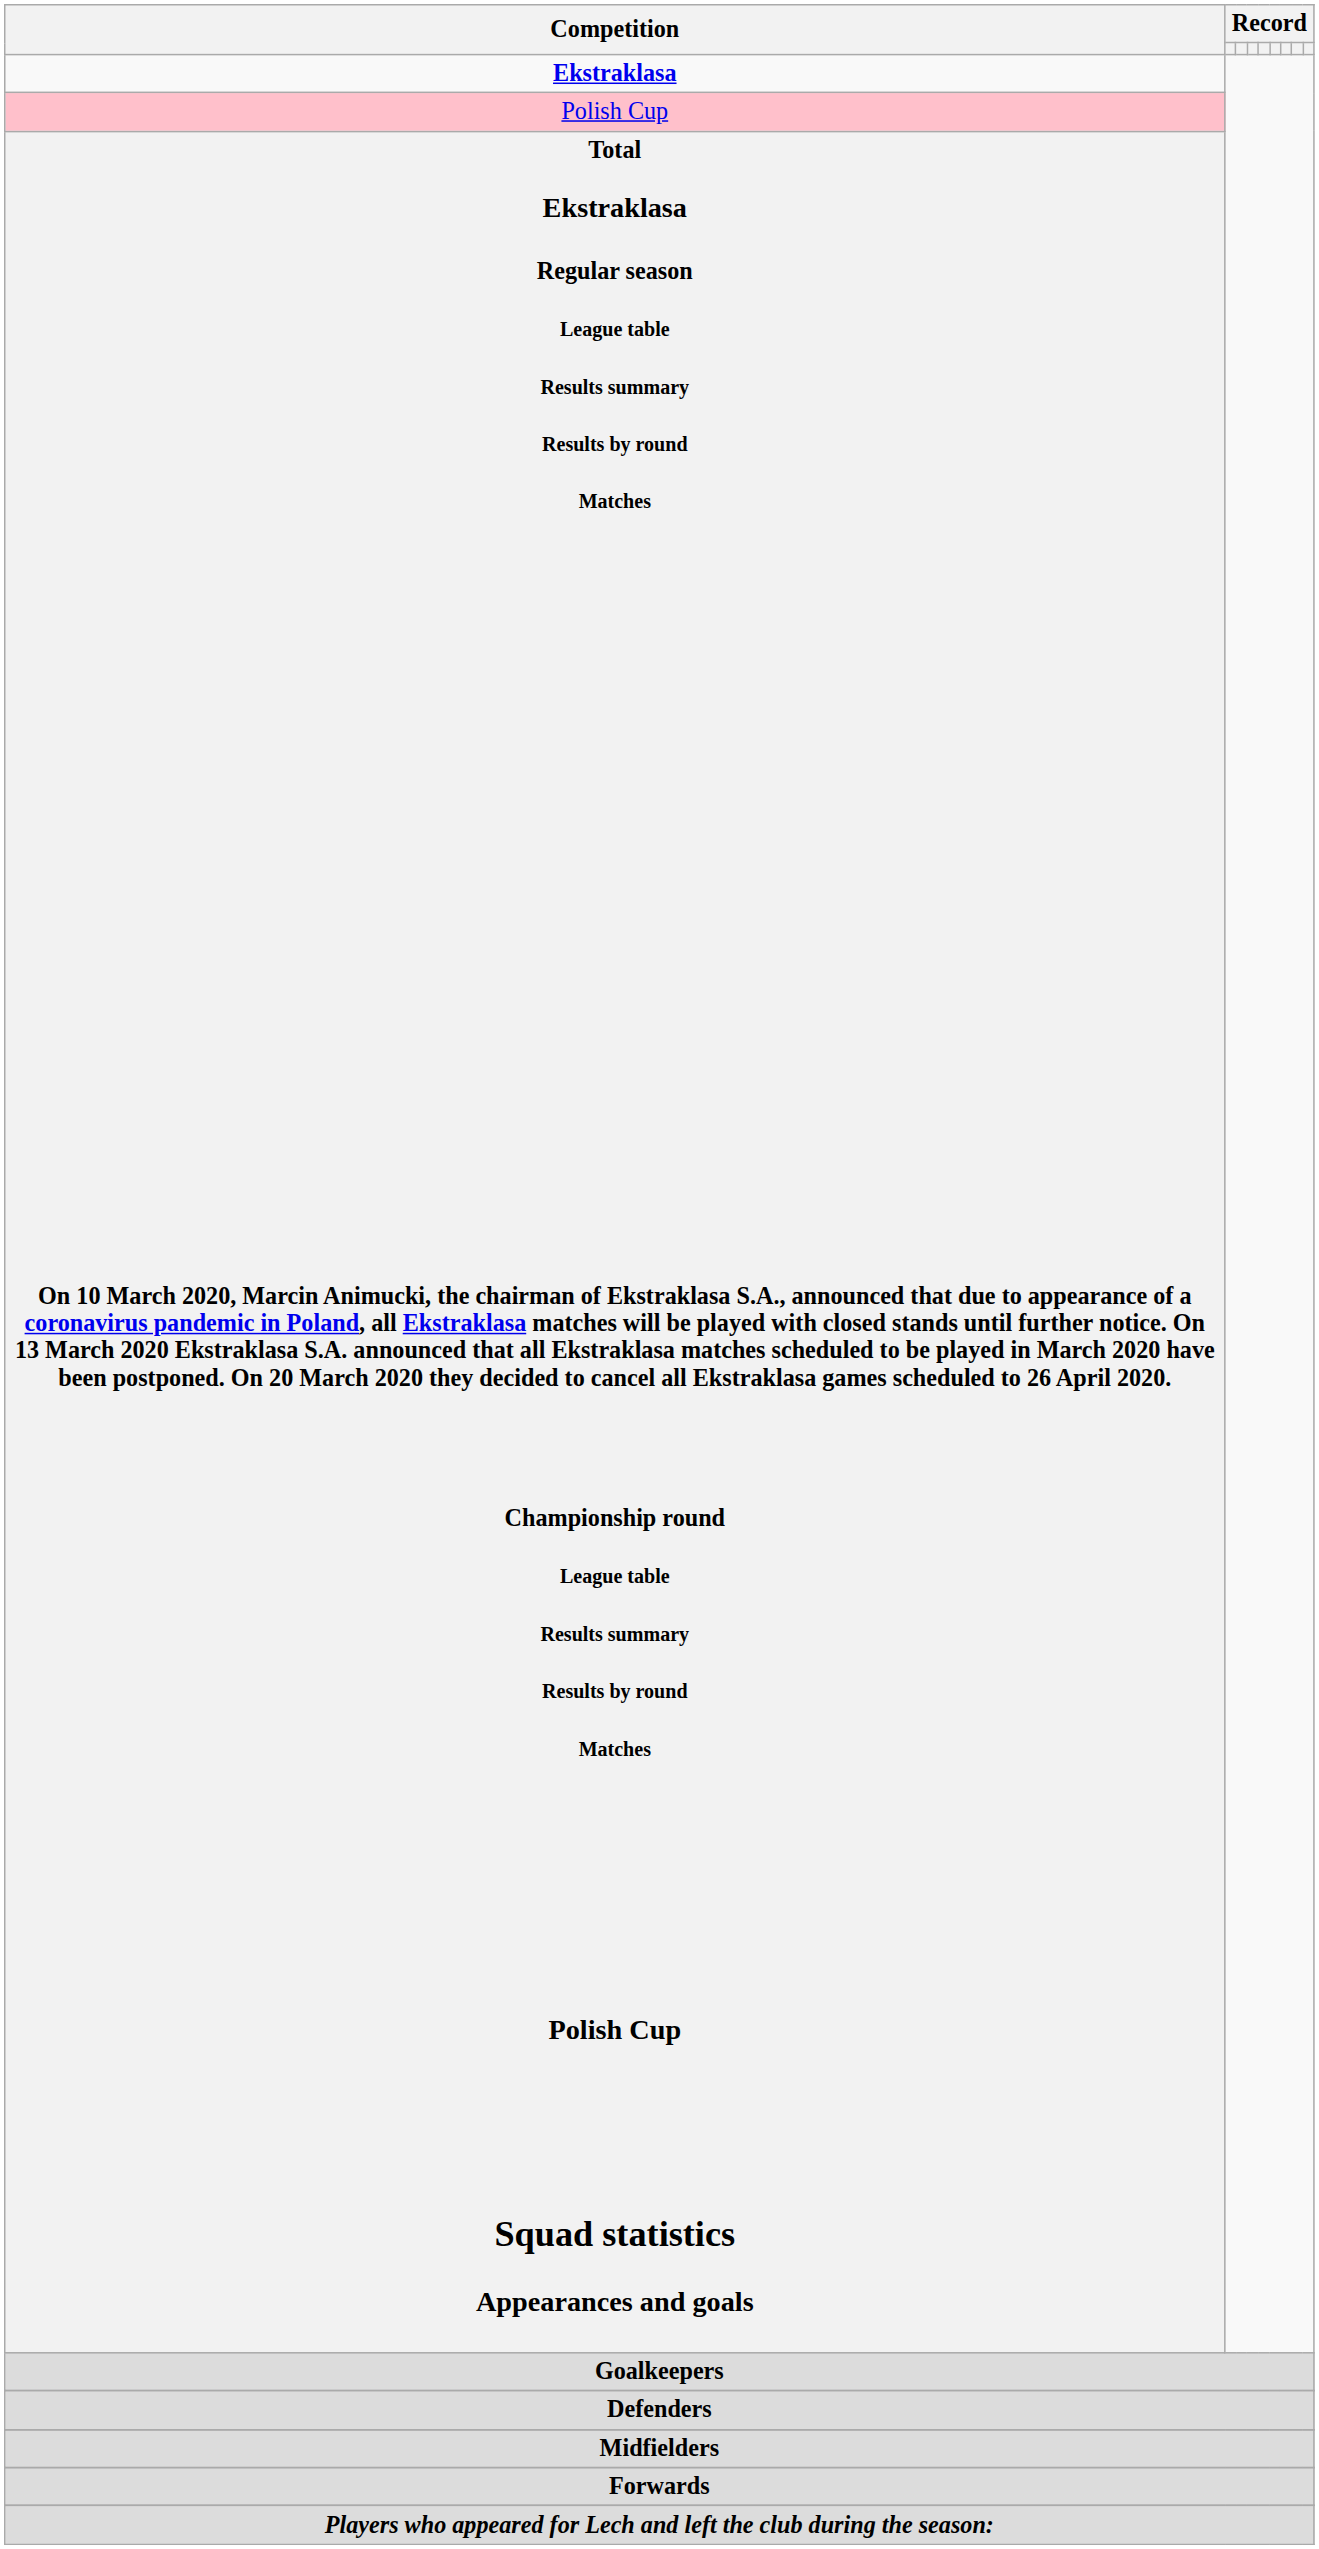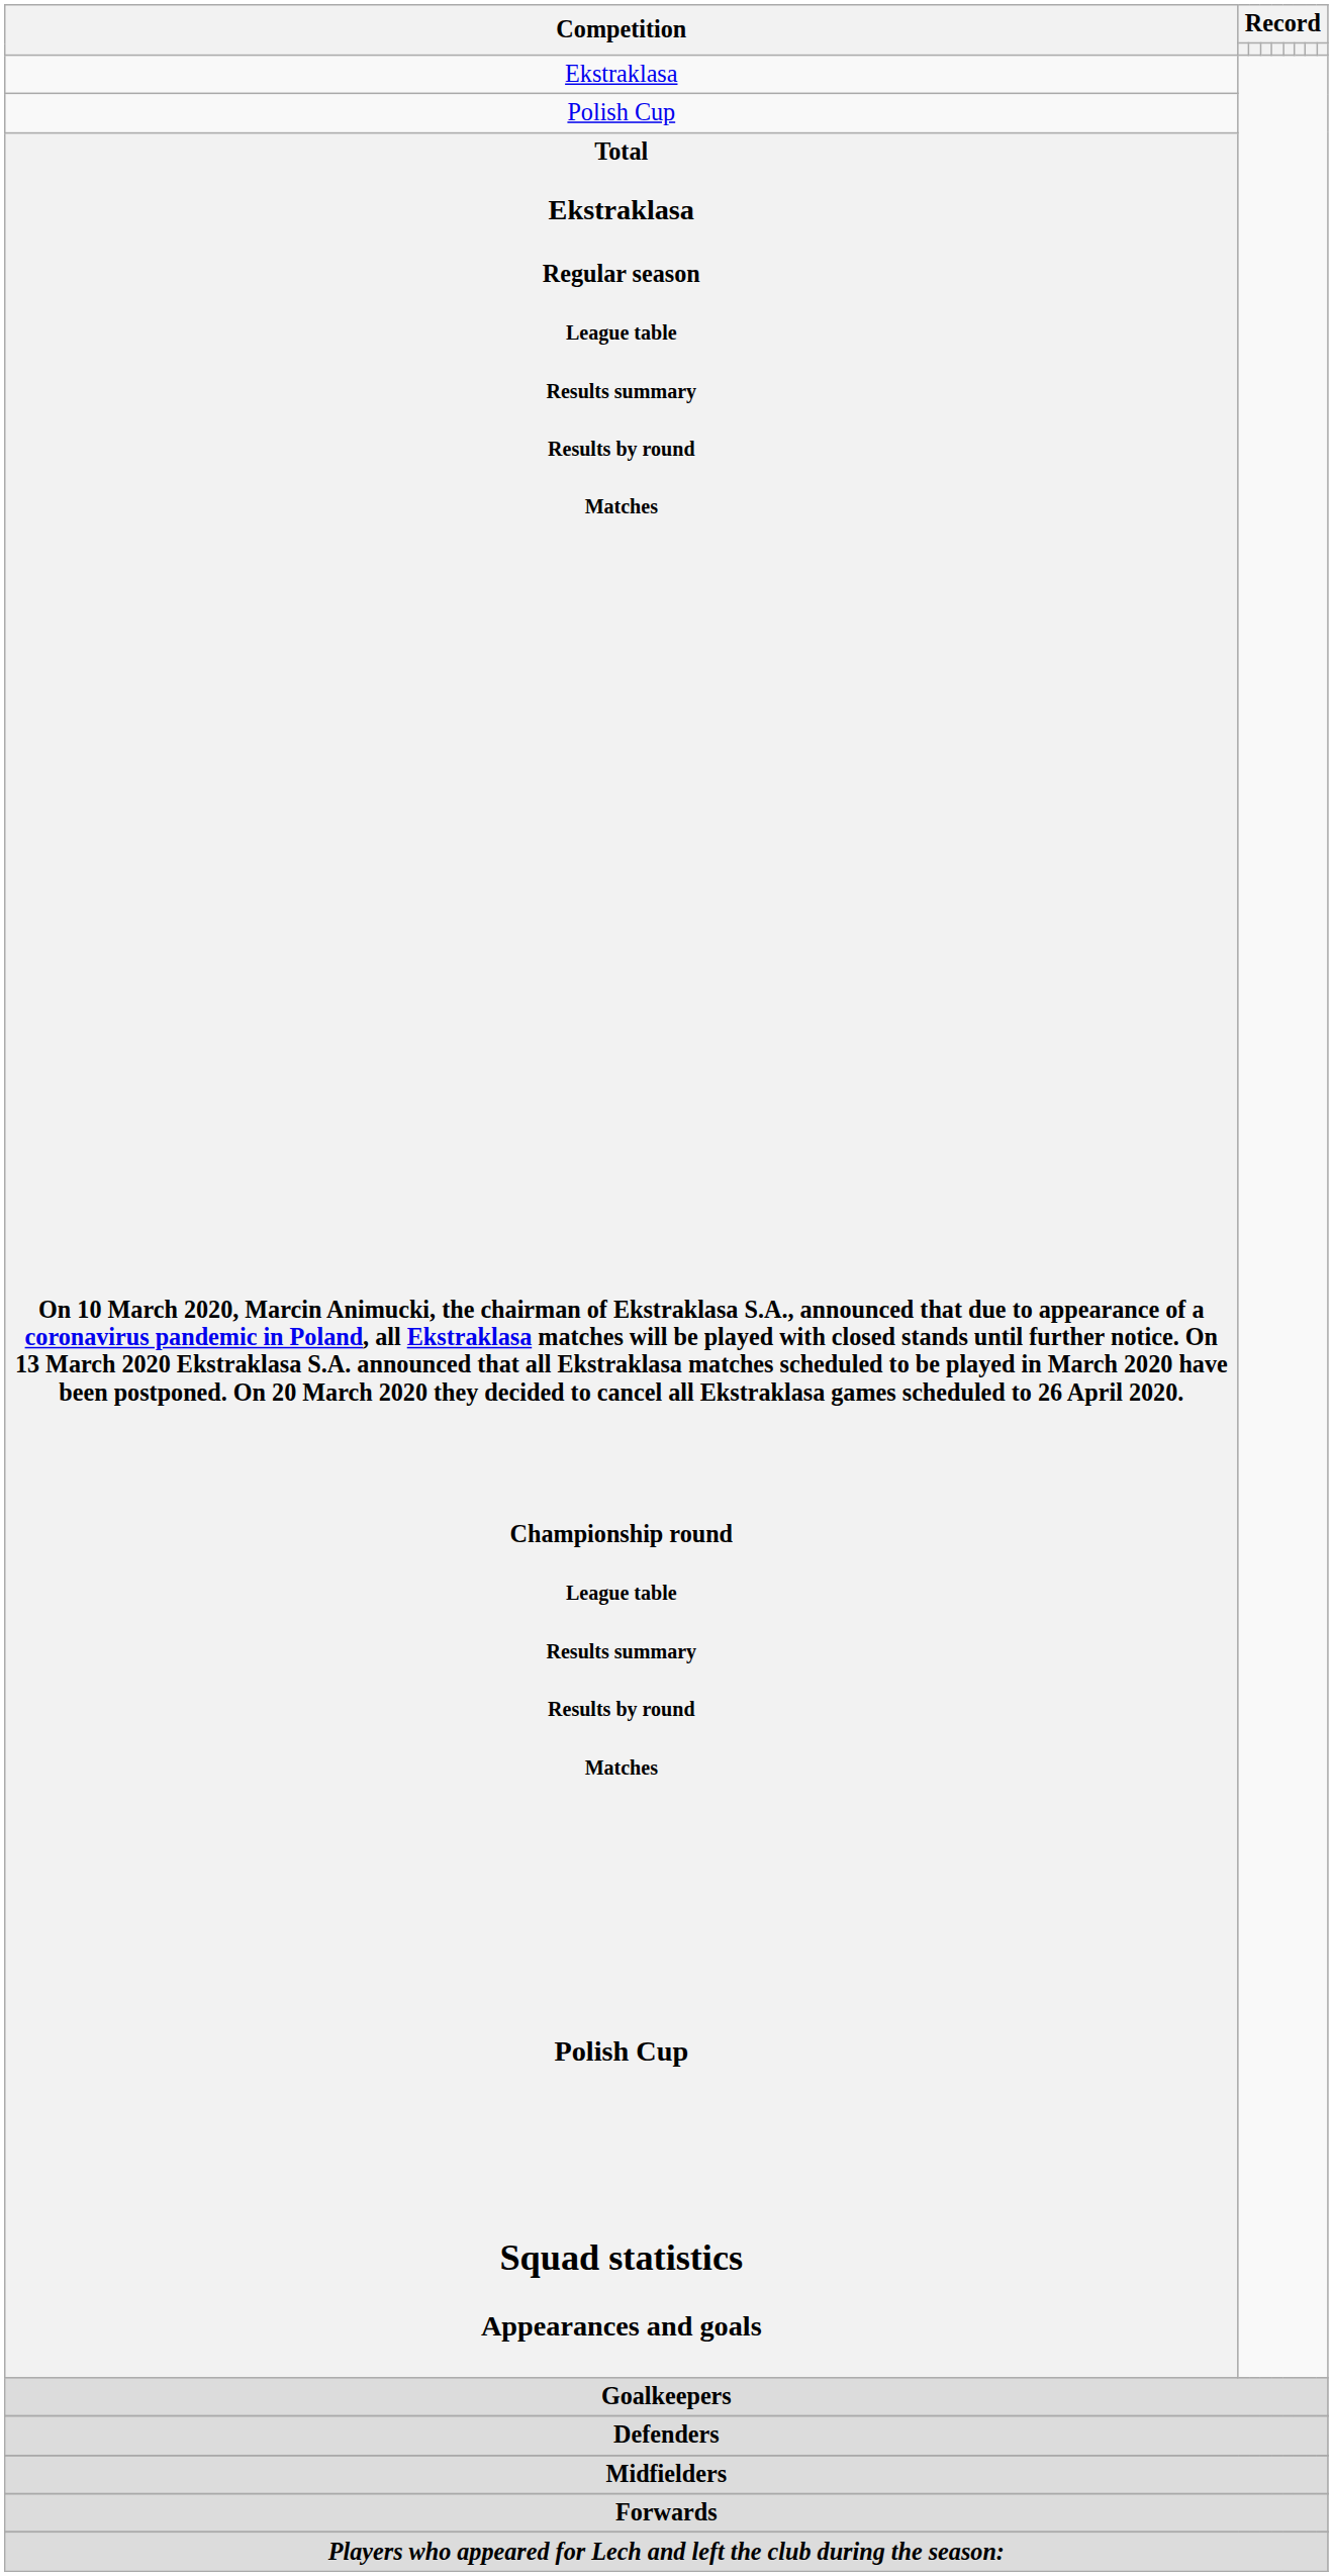 <table class="wikitable" style="text-align: center">
 <tr>
 <th rowspan=2>Competition</th>
 <th colspan=8>Record</th>
 </tr>
 <tr>
 <th></th>
 <th></th>
 <th></th>
 <th></th>
 <th></th>
 <th></th>
 <th></th>
 <th></th>
 </tr>
 <tr>
-<td><strong><a href='#'>Ekstraklasa</a><br></strong></td>
+<td><a href='#'>Ekstraklasa</a><br></td>
 </tr>
 <tr>
-<td style="background: pink;"><a href='#'>Polish Cup</a><br></td>
+<td><a href='#'>Polish Cup</a><br></td>
 </tr>
 <tr>
 <th>Total<br> <h3>Ekstraklasa</h3><h4>Regular season</h4><h5>League table</h5><h5>Results summary</h5> <h5>Results by round</h5><h5>Matches</h5>  <br><br><br><br><br><br><br><br><br><br><br><br><br><br><br><br><br><br><br><br><br><br><br><br><br><br><br>On 10 March 2020, Marcin Animucki, the chairman of Ekstraklasa S.A., announced that due to appearance of a <a href='#'>coronavirus pandemic in Poland</a>, all <a href='#'>Ekstraklasa</a> matches will be played with closed stands until further notice. On 13 March 2020 Ekstraklasa S.A. announced that all Ekstraklasa matches scheduled to be played in March 2020 have been postponed. On 20 March 2020 they decided to cancel all Ekstraklasa games scheduled to 26 April 2020.<br><br><br><br><h4>Championship round</h4><h5>League table</h5><h5>Results summary</h5> <h5>Results by round</h5><h5>Matches</h5>  <br><br><br><br><br><br><br><h3>Polish Cup</h3> <br><br><br><br><h2>Squad statistics</h2><h3>Appearances and goals</h3></th>
 </tr>
 <tr>
 <th colspan=14 style=background:#dcdcdc; text-align:center>Goalkeepers</th>
 </tr>
 <tr>
 </tr>
 <tr>
 <th colspan=14 style=background:#dcdcdc; text-align:center>Defenders</th>
 </tr>
 <tr>
 </tr>
 <tr>
 <th colspan=14 style=background:#dcdcdc; text-align:center>Midfielders</th>
 </tr>
 <tr>
 </tr>
 <tr>
 <th colspan=14 style=background:#dcdcdc; text-align:center>Forwards</th>
 </tr>
 <tr>
 </tr>
 <tr>
 <th colspan="12" style=background:#dcdcdc; text-align:center><em>Players who appeared for Lech and left the club during the season:</em></th>
 </tr>
 <tr>
 </tr>
 </table>
